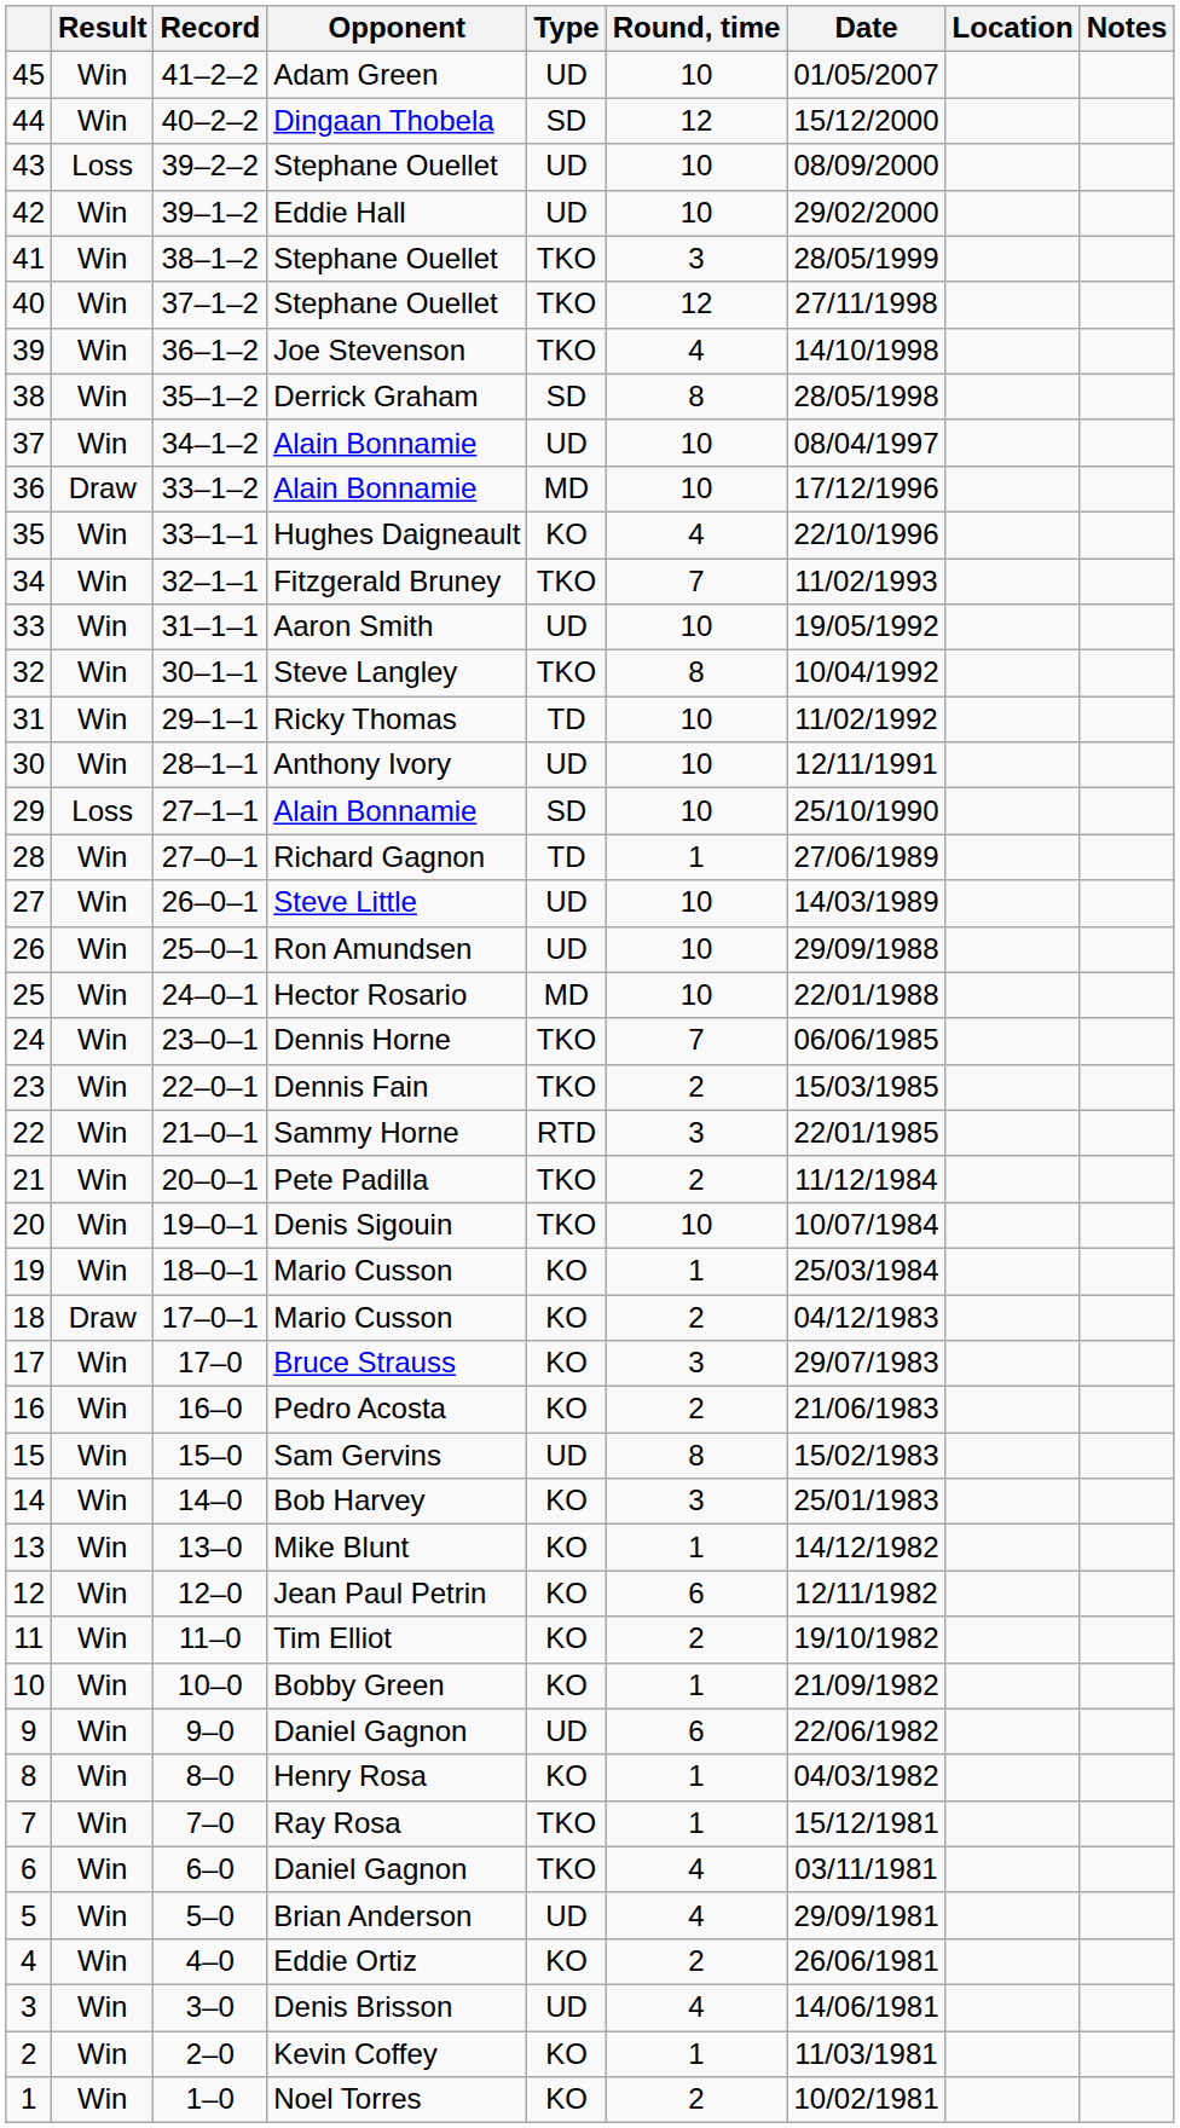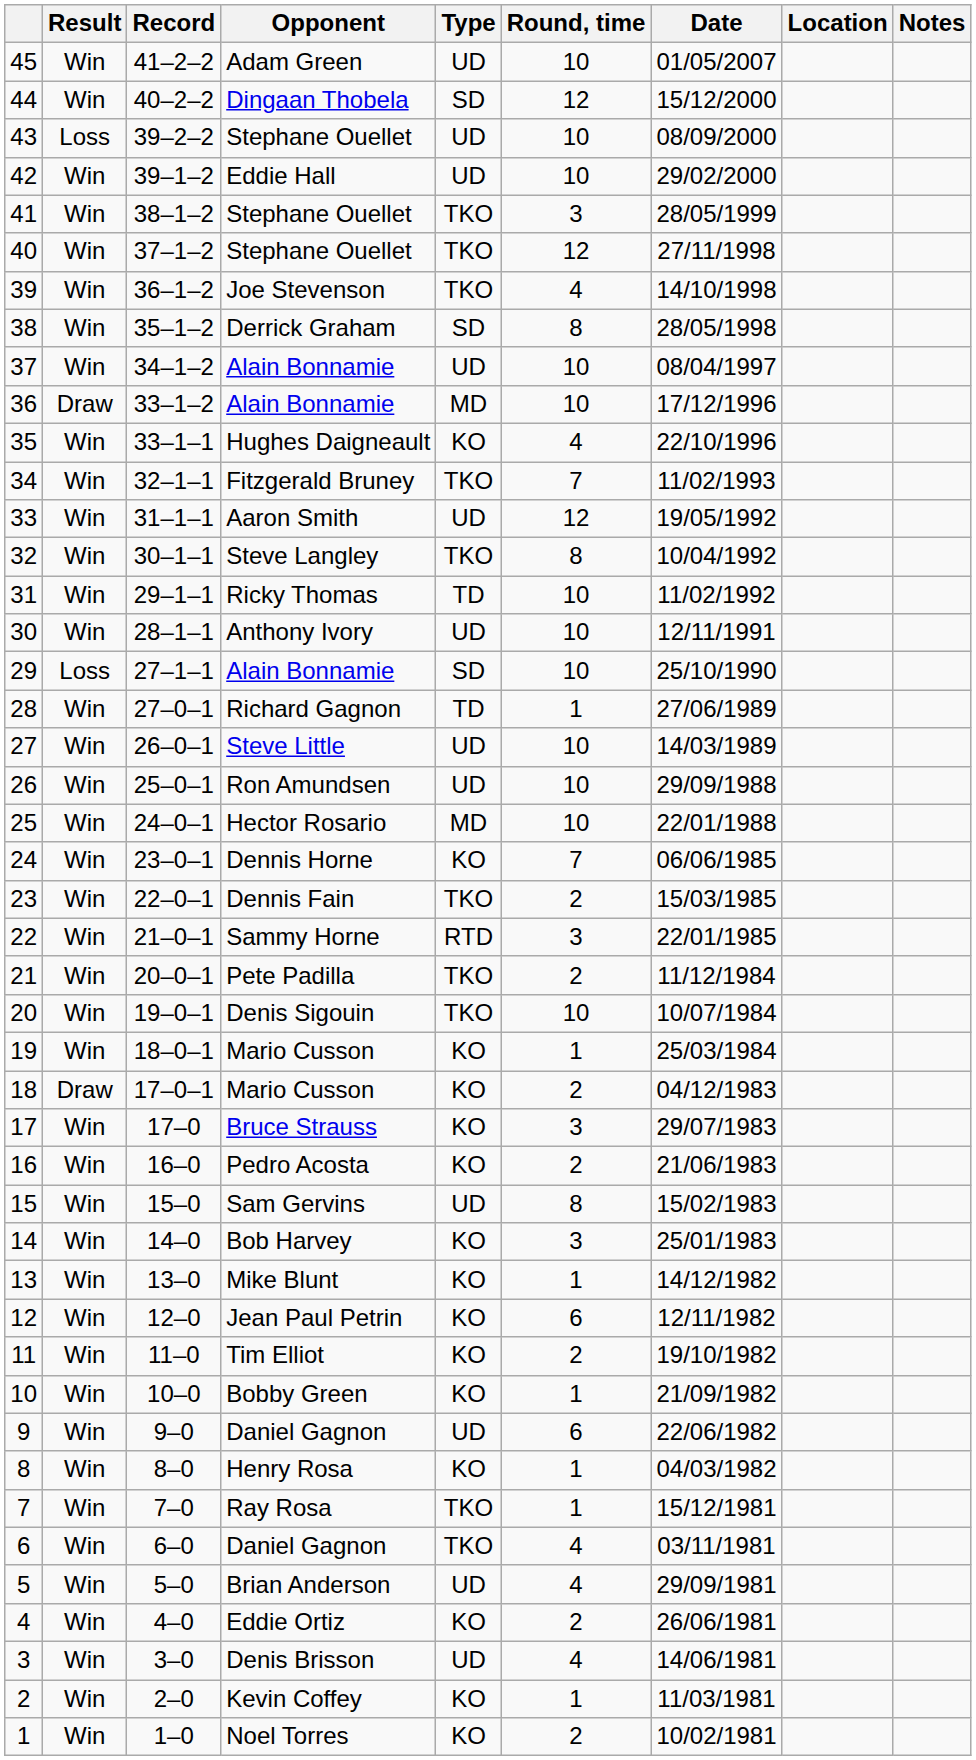 <table class="wikitable" style="text-align:center">
 <tr>
 <th></th>
 <th>Result</th>
 <th>Record</th>
 <th>Opponent</th>
 <th>Type</th>
 <th>Round, time</th>
 <th>Date</th>
 <th>Location</th>
 <th>Notes</th>
 </tr>
 <tr>
 <td>45</td>
 <td>Win</td>
 <td>41–2–2</td>
 <td align=left>Adam Green</td>
 <td>UD</td>
 <td>10</td>
 <td>01/05/2007</td>
 <td align=left></td>
 <td align=left></td>
 </tr>
 <tr>
 <td>44</td>
 <td>Win</td>
 <td>40–2–2</td>
 <td align=left><a href='#'>Dingaan Thobela</a></td>
 <td>SD</td>
 <td>12</td>
 <td>15/12/2000</td>
 <td align=left></td>
 <td align=left></td>
 </tr>
 <tr>
 <td>43</td>
 <td>Loss</td>
 <td>39–2–2</td>
 <td align=left>Stephane Ouellet</td>
 <td>UD</td>
 <td>10</td>
 <td>08/09/2000</td>
 <td align=left></td>
 <td align=left></td>
 </tr>
 <tr>
 <td>42</td>
 <td>Win</td>
 <td>39–1–2</td>
 <td align=left>Eddie Hall</td>
 <td>UD</td>
 <td>10</td>
 <td>29/02/2000</td>
 <td align=left></td>
 <td align=left></td>
 </tr>
 <tr>
 <td>41</td>
 <td>Win</td>
 <td>38–1–2</td>
 <td align=left>Stephane Ouellet</td>
 <td>TKO</td>
 <td>3</td>
 <td>28/05/1999</td>
 <td align=left></td>
 <td align=left></td>
 </tr>
 <tr>
 <td>40</td>
 <td>Win</td>
 <td>37–1–2</td>
 <td align=left>Stephane Ouellet</td>
 <td>TKO</td>
 <td>12</td>
 <td>27/11/1998</td>
 <td align=left></td>
 <td align=left></td>
 </tr>
 <tr>
 <td>39</td>
 <td>Win</td>
 <td>36–1–2</td>
 <td align=left>Joe Stevenson</td>
 <td>TKO</td>
 <td>4</td>
 <td>14/10/1998</td>
 <td align=left></td>
 <td align=left></td>
 </tr>
 <tr>
 <td>38</td>
 <td>Win</td>
 <td>35–1–2</td>
 <td align=left>Derrick Graham</td>
 <td>SD</td>
 <td>8</td>
 <td>28/05/1998</td>
 <td align=left></td>
 <td align=left></td>
 </tr>
 <tr>
 <td>37</td>
 <td>Win</td>
 <td>34–1–2</td>
 <td align=left><a href='#'>Alain Bonnamie</a></td>
 <td>UD</td>
 <td>10</td>
 <td>08/04/1997</td>
 <td align=left></td>
 <td align=left></td>
 </tr>
 <tr>
 <td>36</td>
 <td>Draw</td>
 <td>33–1–2</td>
 <td align=left><a href='#'>Alain Bonnamie</a></td>
 <td>MD</td>
 <td>10</td>
 <td>17/12/1996</td>
 <td align=left></td>
 <td align=left></td>
 </tr>
 <tr>
 <td>35</td>
 <td>Win</td>
 <td>33–1–1</td>
 <td align=left>Hughes Daigneault</td>
 <td>KO</td>
 <td>4</td>
 <td>22/10/1996</td>
 <td align=left></td>
 <td align=left></td>
 </tr>
 <tr>
 <td>34</td>
 <td>Win</td>
 <td>32–1–1</td>
 <td align=left>Fitzgerald Bruney</td>
 <td>TKO</td>
 <td>7</td>
 <td>11/02/1993</td>
 <td align=left></td>
 <td align=left></td>
 </tr>
 <tr>
 <td>33</td>
 <td>Win</td>
 <td>31–1–1</td>
 <td align=left>Aaron Smith</td>
 <td>UD</td>
-<td>10</td>
+<td>12</td>
 <td>19/05/1992</td>
 <td align=left></td>
 <td align=left></td>
 </tr>
 <tr>
 <td>32</td>
 <td>Win</td>
 <td>30–1–1</td>
 <td align=left>Steve Langley</td>
 <td>TKO</td>
 <td>8</td>
 <td>10/04/1992</td>
 <td align=left></td>
 <td align=left></td>
 </tr>
 <tr>
 <td>31</td>
 <td>Win</td>
 <td>29–1–1</td>
 <td align=left>Ricky Thomas</td>
 <td>TD</td>
 <td>10</td>
 <td>11/02/1992</td>
 <td align=left></td>
 <td align=left></td>
 </tr>
 <tr>
 <td>30</td>
 <td>Win</td>
 <td>28–1–1</td>
 <td align=left>Anthony Ivory</td>
 <td>UD</td>
 <td>10</td>
 <td>12/11/1991</td>
 <td align=left></td>
 <td align=left></td>
 </tr>
 <tr>
 <td>29</td>
 <td>Loss</td>
 <td>27–1–1</td>
 <td align=left><a href='#'>Alain Bonnamie</a></td>
 <td>SD</td>
 <td>10</td>
 <td>25/10/1990</td>
 <td align=left></td>
 <td align=left></td>
 </tr>
 <tr>
 <td>28</td>
 <td>Win</td>
 <td>27–0–1</td>
 <td align=left>Richard Gagnon</td>
 <td>TD</td>
 <td>1</td>
 <td>27/06/1989</td>
 <td align=left></td>
 <td align=left></td>
 </tr>
 <tr>
 <td>27</td>
 <td>Win</td>
 <td>26–0–1</td>
 <td align=left><a href='#'>Steve Little</a></td>
 <td>UD</td>
 <td>10</td>
 <td>14/03/1989</td>
 <td align=left></td>
 <td align=left></td>
 </tr>
 <tr>
 <td>26</td>
 <td>Win</td>
 <td>25–0–1</td>
 <td align=left>Ron Amundsen</td>
 <td>UD</td>
 <td>10</td>
 <td>29/09/1988</td>
 <td align=left></td>
 <td align=left></td>
 </tr>
 <tr>
 <td>25</td>
 <td>Win</td>
 <td>24–0–1</td>
 <td align=left>Hector Rosario</td>
 <td>MD</td>
 <td>10</td>
 <td>22/01/1988</td>
 <td align=left></td>
 <td align=left></td>
 </tr>
 <tr>
 <td>24</td>
 <td>Win</td>
 <td>23–0–1</td>
 <td align=left>Dennis Horne</td>
-<td>TKO</td>
+<td>KO</td>
 <td>7</td>
 <td>06/06/1985</td>
 <td align=left></td>
 <td align=left></td>
 </tr>
 <tr>
 <td>23</td>
 <td>Win</td>
 <td>22–0–1</td>
 <td align=left>Dennis Fain</td>
 <td>TKO</td>
 <td>2</td>
 <td>15/03/1985</td>
 <td align=left></td>
 <td align=left></td>
 </tr>
 <tr>
 <td>22</td>
 <td>Win</td>
 <td>21–0–1</td>
 <td align=left>Sammy Horne</td>
 <td>RTD</td>
 <td>3</td>
 <td>22/01/1985</td>
 <td align=left></td>
 <td align=left></td>
 </tr>
 <tr>
 <td>21</td>
 <td>Win</td>
 <td>20–0–1</td>
 <td align=left>Pete Padilla</td>
 <td>TKO</td>
 <td>2</td>
 <td>11/12/1984</td>
 <td align=left></td>
 <td align=left></td>
 </tr>
 <tr>
 <td>20</td>
 <td>Win</td>
 <td>19–0–1</td>
 <td align=left>Denis Sigouin</td>
 <td>TKO</td>
 <td>10</td>
 <td>10/07/1984</td>
 <td align=left></td>
 <td align=left></td>
 </tr>
 <tr>
 <td>19</td>
 <td>Win</td>
 <td>18–0–1</td>
 <td align=left>Mario Cusson</td>
 <td>KO</td>
 <td>1</td>
 <td>25/03/1984</td>
 <td align=left></td>
 <td align=left></td>
 </tr>
 <tr>
 <td>18</td>
 <td>Draw</td>
 <td>17–0–1</td>
 <td align=left>Mario Cusson</td>
 <td>KO</td>
 <td>2</td>
 <td>04/12/1983</td>
 <td align=left></td>
 <td align=left></td>
 </tr>
 <tr>
 <td>17</td>
 <td>Win</td>
 <td>17–0</td>
 <td align=left><a href='#'>Bruce Strauss</a></td>
 <td>KO</td>
 <td>3</td>
 <td>29/07/1983</td>
 <td align=left></td>
 <td align=left></td>
 </tr>
 <tr>
 <td>16</td>
 <td>Win</td>
 <td>16–0</td>
 <td align=left>Pedro Acosta</td>
 <td>KO</td>
 <td>2</td>
 <td>21/06/1983</td>
 <td align=left></td>
 <td align=left></td>
 </tr>
 <tr>
 <td>15</td>
 <td>Win</td>
 <td>15–0</td>
 <td align=left>Sam Gervins</td>
 <td>UD</td>
 <td>8</td>
 <td>15/02/1983</td>
 <td align=left></td>
 <td align=left></td>
 </tr>
 <tr>
 <td>14</td>
 <td>Win</td>
 <td>14–0</td>
 <td align=left>Bob Harvey</td>
 <td>KO</td>
 <td>3</td>
 <td>25/01/1983</td>
 <td align=left></td>
 <td align=left></td>
 </tr>
 <tr>
 <td>13</td>
 <td>Win</td>
 <td>13–0</td>
 <td align=left>Mike Blunt</td>
 <td>KO</td>
 <td>1</td>
 <td>14/12/1982</td>
 <td align=left></td>
 <td align=left></td>
 </tr>
 <tr>
 <td>12</td>
 <td>Win</td>
 <td>12–0</td>
 <td align=left>Jean Paul Petrin</td>
 <td>KO</td>
 <td>6</td>
 <td>12/11/1982</td>
 <td align=left></td>
 <td align=left></td>
 </tr>
 <tr>
 <td>11</td>
 <td>Win</td>
 <td>11–0</td>
 <td align=left>Tim Elliot</td>
 <td>KO</td>
 <td>2</td>
 <td>19/10/1982</td>
 <td align=left></td>
 <td align=left></td>
 </tr>
 <tr>
 <td>10</td>
 <td>Win</td>
 <td>10–0</td>
 <td align=left>Bobby Green</td>
 <td>KO</td>
 <td>1</td>
 <td>21/09/1982</td>
 <td align=left></td>
 <td align=left></td>
 </tr>
 <tr>
 <td>9</td>
 <td>Win</td>
 <td>9–0</td>
 <td align=left>Daniel Gagnon</td>
 <td>UD</td>
 <td>6</td>
 <td>22/06/1982</td>
 <td align=left></td>
 <td align=left></td>
 </tr>
 <tr>
 <td>8</td>
 <td>Win</td>
 <td>8–0</td>
 <td align=left>Henry Rosa</td>
 <td>KO</td>
 <td>1</td>
 <td>04/03/1982</td>
 <td align=left></td>
 <td align=left></td>
 </tr>
 <tr>
 <td>7</td>
 <td>Win</td>
 <td>7–0</td>
 <td align=left>Ray Rosa</td>
 <td>TKO</td>
 <td>1</td>
 <td>15/12/1981</td>
 <td align=left></td>
 <td align=left></td>
 </tr>
 <tr>
 <td>6</td>
 <td>Win</td>
 <td>6–0</td>
 <td align=left>Daniel Gagnon</td>
 <td>TKO</td>
 <td>4</td>
 <td>03/11/1981</td>
 <td align=left></td>
 <td align=left></td>
 </tr>
 <tr>
 <td>5</td>
 <td>Win</td>
 <td>5–0</td>
 <td align=left>Brian Anderson</td>
 <td>UD</td>
 <td>4</td>
 <td>29/09/1981</td>
 <td align=left></td>
 <td align=left></td>
 </tr>
 <tr>
 <td>4</td>
 <td>Win</td>
 <td>4–0</td>
 <td align=left>Eddie Ortiz</td>
 <td>KO</td>
 <td>2</td>
 <td>26/06/1981</td>
 <td align=left></td>
 <td align=left></td>
 </tr>
 <tr>
 <td>3</td>
 <td>Win</td>
 <td>3–0</td>
 <td align=left>Denis Brisson</td>
 <td>UD</td>
 <td>4</td>
 <td>14/06/1981</td>
 <td align=left></td>
 <td align=left></td>
 </tr>
 <tr>
 <td>2</td>
 <td>Win</td>
 <td>2–0</td>
 <td align=left>Kevin Coffey</td>
 <td>KO</td>
 <td>1</td>
 <td>11/03/1981</td>
 <td align=left></td>
 <td align=left></td>
 </tr>
 <tr>
 <td>1</td>
 <td>Win</td>
 <td>1–0</td>
 <td align=left>Noel Torres</td>
 <td>KO</td>
 <td>2</td>
 <td>10/02/1981</td>
 <td align=left></td>
 <td align=left></td>
 </tr>
 </table>
